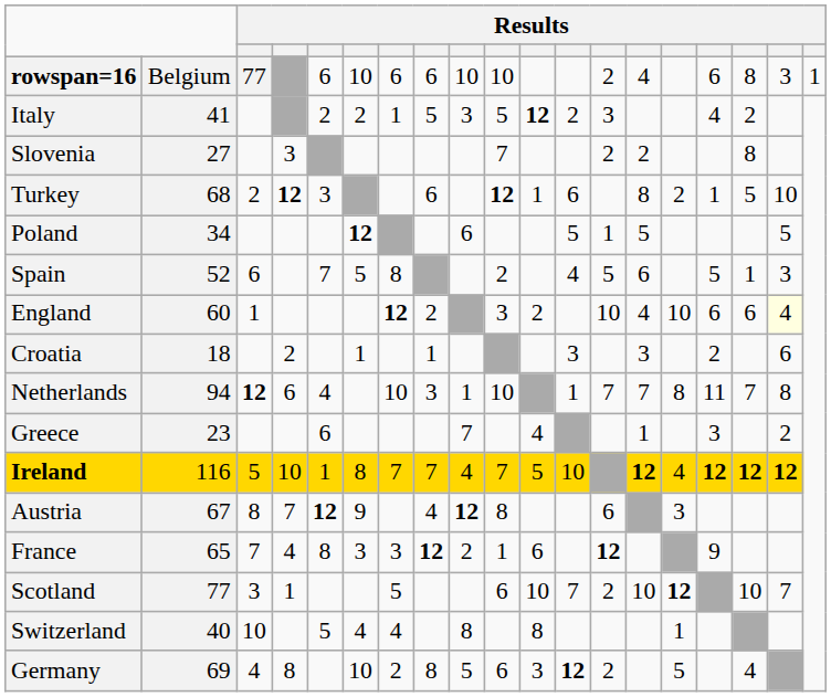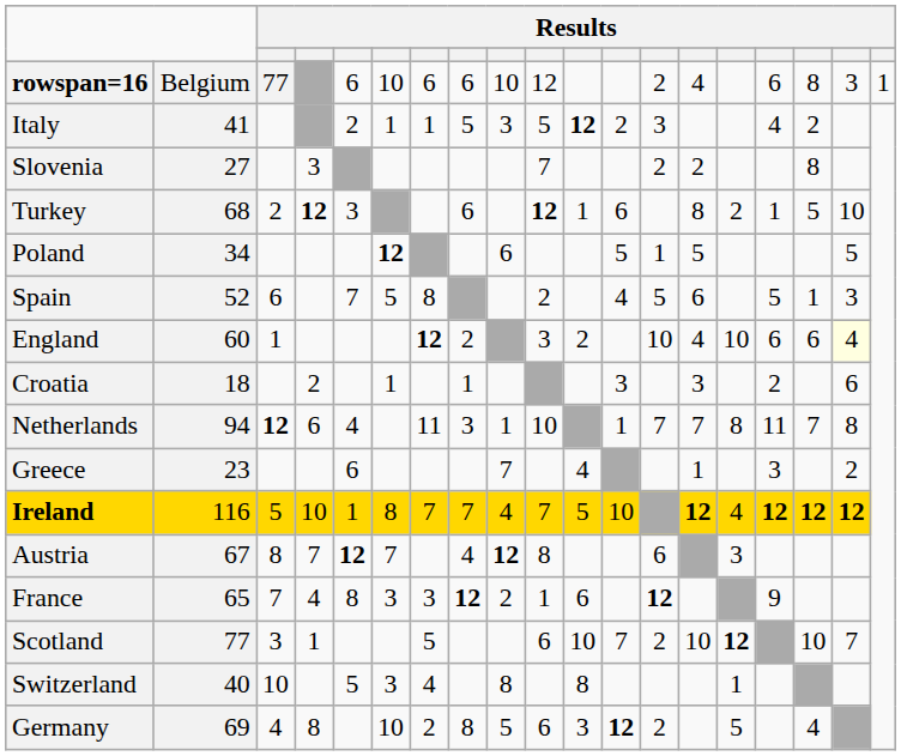 <table class="wikitable" style="text-align:center; font-size:85%;">
 <tr>
 <td colspan=2 rowspan=2></td>
 <th colspan=20>Results</th>
 </tr>
 <tr 861000000>
 <th></th>
 <th></th>
 <th></th>
 <th></th>
 <th></th>
 <th></th>
 <th></th>
 <th></th>
 <th></th>
 <th></th>
 <th></th>
 <th></th>
 <th></th>
 <th></th>
 <th></th>
 <th></th>
 <th></th>
 </tr>
 <tr>
 <th>rowspan=16 </th>
 <td style="text-align:left; background:#f2f2f2;">Belgium</td>
 <td style="text-align:right; background:#f2f2f2;">77</td>
 <td style="text-align:left; background:#aaa;"></td>
 <td>6</td>
 <td>10</td>
 <td>6</td>
 <td>6</td>
 <td>10</td>
-<td>10</td>
+<td>12</td>
 <td></td>
 <td></td>
 <td>2</td>
 <td>4</td>
 <td></td>
 <td>6</td>
 <td>8</td>
 <td>3</td>
 <td>1</td>
 </tr>
 <tr>
 <td style="text-align:left; background:#f2f2f2;">Italy</td>
 <td style="text-align:right; background:#f2f2f2;">41</td>
 <td></td>
 <td style="text-align:left; background:#aaa;"></td>
 <td>2</td>
-<td>2</td>
+<td>1</td>
 <td>1</td>
 <td>5</td>
 <td>3</td>
 <td>5</td>
 <td><strong>12</strong></td>
 <td>2</td>
 <td>3</td>
 <td></td>
 <td></td>
 <td>4</td>
 <td>2</td>
 <td></td>
 </tr>
 <tr>
 <td style="text-align:left; background:#f2f2f2;">Slovenia</td>
 <td style="text-align:right; background:#f2f2f2;">27</td>
 <td></td>
 <td>3</td>
 <td style="text-align:left; background:#aaa;"></td>
 <td></td>
 <td></td>
 <td></td>
 <td></td>
 <td>7</td>
 <td></td>
 <td></td>
 <td>2</td>
 <td>2</td>
 <td></td>
 <td></td>
 <td>8</td>
 <td></td>
 </tr>
 <tr>
 <td style="text-align:left; background:#f2f2f2;">Turkey</td>
 <td style="text-align:right; background:#f2f2f2;">68</td>
 <td>2</td>
 <td><strong>12</strong></td>
 <td>3</td>
 <td style="text-align:left; background:#aaa;"></td>
 <td></td>
 <td>6</td>
 <td></td>
 <td><strong>12</strong></td>
 <td>1</td>
 <td>6</td>
 <td></td>
 <td>8</td>
 <td>2</td>
 <td>1</td>
 <td>5</td>
 <td>10</td>
 </tr>
 <tr>
 <td style="text-align:left; background:#f2f2f2;">Poland</td>
 <td style="text-align:right; background:#f2f2f2;">34</td>
 <td></td>
 <td></td>
 <td></td>
 <td><strong>12</strong></td>
 <td style="text-align:left; background:#aaa;"></td>
 <td></td>
 <td>6</td>
 <td></td>
 <td></td>
 <td>5</td>
 <td>1</td>
 <td>5</td>
 <td></td>
 <td></td>
 <td></td>
 <td>5</td>
 </tr>
 <tr>
 <td style="text-align:left; background:#f2f2f2;">Spain</td>
 <td style="text-align:right; background:#f2f2f2;">52</td>
 <td>6</td>
 <td></td>
 <td>7</td>
 <td>5</td>
 <td>8</td>
 <td style="text-align:left; background:#aaa;"></td>
 <td></td>
 <td>2</td>
 <td></td>
 <td>4</td>
 <td>5</td>
 <td>6</td>
 <td></td>
 <td>5</td>
 <td>1</td>
 <td>3</td>
 </tr>
 <tr>
 <td style="text-align:left; background:#f2f2f2;">England</td>
 <td style="text-align:right; background:#f2f2f2;">60</td>
 <td>1</td>
 <td></td>
 <td></td>
 <td></td>
 <td><strong>12</strong></td>
 <td>2</td>
 <td style="text-align:left; background:#aaa;"></td>
 <td>3</td>
 <td>2</td>
 <td></td>
 <td>10</td>
 <td>4</td>
 <td>10</td>
 <td>6</td>
 <td>6</td>
 <td style="background: lightyellow;">4</td>
 </tr>
 <tr>
 <td style="text-align:left; background:#f2f2f2;">Croatia</td>
 <td style="text-align:right; background:#f2f2f2;">18</td>
 <td></td>
 <td>2</td>
 <td></td>
 <td>1</td>
 <td></td>
 <td>1</td>
 <td></td>
 <td style="text-align:left; background:#aaa;"></td>
 <td></td>
 <td>3</td>
 <td></td>
 <td>3</td>
 <td></td>
 <td>2</td>
 <td></td>
 <td>6</td>
 </tr>
 <tr>
 <td style="text-align:left; background:#f2f2f2;">Netherlands</td>
 <td style="text-align:right; background:#f2f2f2;">94</td>
 <td><strong>12</strong></td>
 <td>6</td>
 <td>4</td>
 <td></td>
-<td>10</td>
+<td>11</td>
 <td>3</td>
 <td>1</td>
 <td>10</td>
 <td style="text-align:left; background:#aaa;"></td>
 <td>1</td>
 <td>7</td>
 <td>7</td>
 <td>8</td>
 <td>11</td>
 <td>7</td>
 <td>8</td>
 </tr>
 <tr>
 <td style="text-align:left; background:#f2f2f2;">Greece</td>
 <td style="text-align:right; background:#f2f2f2;">23</td>
 <td></td>
 <td></td>
 <td>6</td>
 <td></td>
 <td></td>
 <td></td>
 <td>7</td>
 <td></td>
 <td>4</td>
 <td style="text-align:left; background:#aaa;"></td>
 <td></td>
 <td>1</td>
 <td></td>
 <td>3</td>
 <td></td>
 <td>2</td>
 </tr>
 <tr style="background:gold;">
 <td style="text-align:left; background:gold; font-weight:bold;">Ireland</td>
 <td style="text-align:right; background:gold;">116</td>
 <td>5</td>
 <td>10</td>
 <td>1</td>
 <td>8</td>
 <td>7</td>
 <td>7</td>
 <td>4</td>
 <td>7</td>
 <td>5</td>
 <td>10</td>
 <td style="text-align:left; background:#aaa;"></td>
 <td><strong>12</strong></td>
 <td>4</td>
 <td><strong>12</strong></td>
 <td><strong>12</strong></td>
 <td><strong>12</strong></td>
 </tr>
 <tr>
 <td style="text-align:left; background:#f2f2f2;">Austria</td>
 <td style="text-align:right; background:#f2f2f2;">67</td>
 <td>8</td>
 <td>7</td>
 <td><strong>12</strong></td>
-<td>9</td>
+<td>7</td>
 <td></td>
 <td>4</td>
 <td><strong>12</strong></td>
 <td>8</td>
 <td></td>
 <td></td>
 <td>6</td>
 <td style="text-align:left; background:#aaa;"></td>
 <td>3</td>
 <td></td>
 <td></td>
 <td></td>
 </tr>
 <tr>
 <td style="text-align:left; background:#f2f2f2;">France</td>
 <td style="text-align:right; background:#f2f2f2;">65</td>
 <td>7</td>
 <td>4</td>
 <td>8</td>
 <td>3</td>
 <td>3</td>
 <td><strong>12</strong></td>
 <td>2</td>
 <td>1</td>
 <td>6</td>
 <td></td>
 <td><strong>12</strong></td>
 <td></td>
 <td style="text-align:left; background:#aaa;"></td>
 <td>9</td>
 <td></td>
 <td></td>
 </tr>
 <tr>
 <td style="text-align:left; background:#f2f2f2;">Scotland</td>
 <td style="text-align:right; background:#f2f2f2;">77</td>
 <td>3</td>
 <td>1</td>
 <td></td>
 <td></td>
 <td>5</td>
 <td></td>
 <td></td>
 <td>6</td>
 <td>10</td>
 <td>7</td>
 <td>2</td>
 <td>10</td>
 <td><strong>12</strong></td>
 <td style="text-align:left; background:#aaa;"></td>
 <td>10</td>
 <td>7</td>
 </tr>
 <tr>
 <td style="text-align:left; background:#f2f2f2;">Switzerland</td>
 <td style="text-align:right; background:#f2f2f2;">40</td>
 <td>10</td>
 <td></td>
 <td>5</td>
-<td>4</td>
+<td>3</td>
 <td>4</td>
 <td></td>
 <td>8</td>
 <td></td>
 <td>8</td>
 <td></td>
 <td></td>
 <td></td>
 <td>1</td>
 <td></td>
 <td style="text-align:left; background:#aaa;"></td>
 <td></td>
 </tr>
 <tr>
 <td style="text-align:left; background:#f2f2f2;">Germany</td>
 <td style="text-align:right; background:#f2f2f2;">69</td>
 <td>4</td>
 <td>8</td>
 <td></td>
 <td>10</td>
 <td>2</td>
 <td>8</td>
 <td>5</td>
 <td>6</td>
 <td>3</td>
 <td><strong>12</strong></td>
 <td>2</td>
 <td></td>
 <td>5</td>
 <td></td>
 <td>4</td>
 <td style="text-align:left; background:#aaa;"></td>
 </tr>
 </table>
